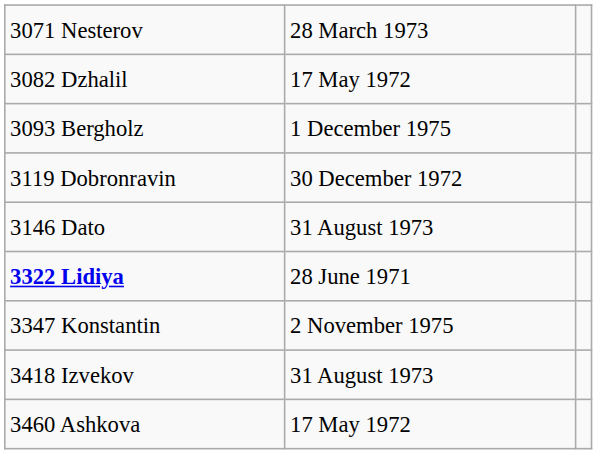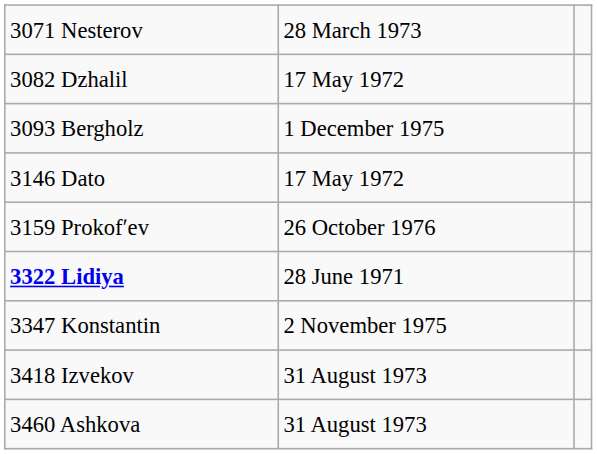 <table class="wikitable" style="font-size: 89%; float: left; width: 26em; margin-right: 1em; height: 280px;">
 <tr>
 <td>3071 Nesterov</td>
 <td>28 March 1973</td>
 <td></td>
 </tr>
 <tr>
 <td>3082 Dzhalil</td>
 <td>17 May 1972</td>
 <td></td>
 </tr>
 <tr>
 <td>3093 Bergholz</td>
 <td>1 December 1975</td>
 <td></td>
 </tr>
 <tr>
-<td>3119 Dobronravin</td>
-<td>30 December 1972</td>
+<td>3146 Dato</td>
+<td>17 May 1972</td>
 <td></td>
 </tr>
 <tr>
-<td>3146 Dato</td>
-<td>31 August 1973</td>
+<td>3159 Prokofʹev</td>
+<td>26 October 1976</td>
 <td></td>
 </tr>
 <tr>
 <td><strong><a href='#'>3322 Lidiya</a></strong></td>
 <td>28 June 1971</td>
 <td></td>
 </tr>
 <tr>
 <td>3347 Konstantin</td>
 <td>2 November 1975</td>
 <td></td>
 </tr>
 <tr>
 <td>3418 Izvekov</td>
 <td>31 August 1973</td>
 <td></td>
 </tr>
 <tr>
 <td>3460 Ashkova</td>
-<td>17 May 1972</td>
+<td>31 August 1973</td>
 <td></td>
 </tr>
 </table>
